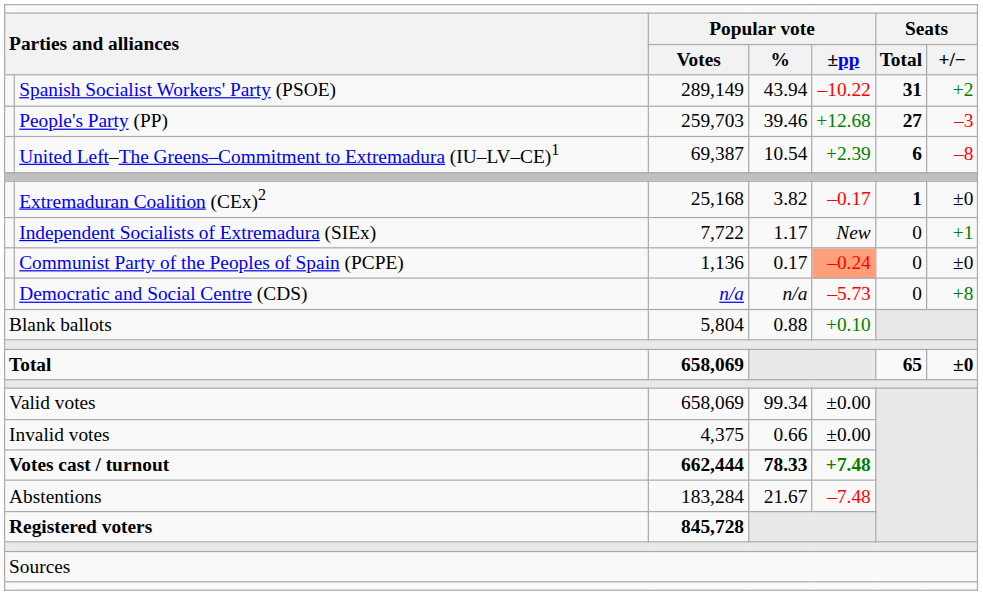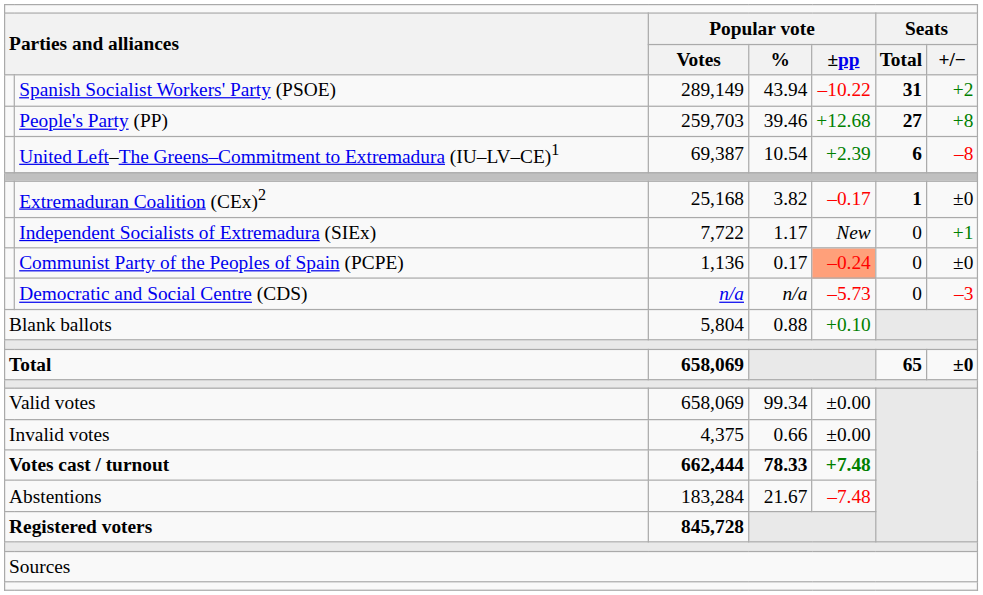 <table class="wikitable" style="text-align:right;">
 <tr>
 <td colspan="7"></td>
 </tr>
 <tr>
 <th style="text-align:left;" rowspan="2" colspan="2" width="525">Parties and alliances</th>
 <th colspan="3">Popular vote</th>
 <th colspan="2">Seats</th>
 </tr>
 <tr>
 <th width="75">Votes</th>
 <th width="45">%</th>
 <th width="45">±<a href='#'>pp</a></th>
 <th width="35">Total</th>
 <th width="35">+/−</th>
 </tr>
 <tr>
 <td width="1" style="color:inherit;background:"></td>
 <td align="left"><a href='#'>Spanish Socialist Workers' Party</a> (PSOE)</td>
 <td>289,149</td>
 <td>43.94</td>
 <td style="color:red;">–10.22</td>
 <td><strong>31</strong></td>
 <td style="color:green;">+2</td>
 </tr>
 <tr>
 <td style="color:inherit;background:"></td>
 <td align="left"><a href='#'>People's Party</a> (PP)</td>
 <td>259,703</td>
 <td>39.46</td>
 <td style="color:green;">+12.68</td>
 <td><strong>27</strong></td>
-<td style="color:red;">–3</td>
+<td style="color:green;">+8</td>
 </tr>
 <tr>
 <td style="color:inherit;background:"></td>
 <td align="left"><a href='#'>United Left</a>–<a href='#'>The Greens–Commitment to Extremadura</a> (IU–LV–CE)<sup>1</sup></td>
 <td>69,387</td>
 <td>10.54</td>
 <td style="color:green;">+2.39</td>
 <td><strong>6</strong></td>
 <td style="color:red;">–8</td>
 </tr>
 <tr>
 <td colspan="7" bgcolor="#C0C0C0"></td>
 </tr>
 <tr>
 <td style="color:inherit;background:"></td>
 <td align="left"><a href='#'>Extremaduran Coalition</a> (CEx)<sup>2</sup></td>
 <td>25,168</td>
 <td>3.82</td>
 <td style="color:red;">–0.17</td>
 <td><strong>1</strong></td>
 <td>±0</td>
 </tr>
 <tr>
 <td style="color:inherit;background:"></td>
 <td align="left"><a href='#'>Independent Socialists of Extremadura</a> (SIEx)</td>
 <td>7,722</td>
 <td>1.17</td>
 <td><em>New</em></td>
 <td>0</td>
 <td style="color:green;">+1</td>
 </tr>
 <tr>
 <td style="color:inherit;background:"></td>
 <td align="left"><a href='#'>Communist Party of the Peoples of Spain</a> (PCPE)</td>
 <td>1,136</td>
 <td>0.17</td>
 <td style="background: lightsalmon; color:red;">–0.24</td>
 <td>0</td>
 <td>±0</td>
 </tr>
 <tr>
 <td style="color:inherit;background:"></td>
 <td align="left"><a href='#'>Democratic and Social Centre</a> (CDS)</td>
 <td><em><a href='#'>n/a</a></em></td>
 <td><em>n/a</em></td>
 <td style="color:red;">–5.73</td>
 <td>0</td>
-<td style="color:green;">+8</td>
+<td style="color:red;">–3</td>
 </tr>
 <tr>
 <td align="left" colspan="2">Blank ballots</td>
 <td>5,804</td>
 <td>0.88</td>
 <td style="color:green;">+0.10</td>
 <td bgcolor="#E9E9E9" colspan="2"></td>
 </tr>
 <tr>
 <td colspan="7" bgcolor="#E9E9E9"></td>
 </tr>
 <tr style="font-weight:bold;">
 <td align="left" colspan="2">Total</td>
 <td>658,069</td>
 <td bgcolor="#E9E9E9" colspan="2"></td>
 <td>65</td>
 <td>±0</td>
 </tr>
 <tr>
 <td colspan="7" bgcolor="#E9E9E9"></td>
 </tr>
 <tr>
 <td align="left" colspan="2">Valid votes</td>
 <td>658,069</td>
 <td>99.34</td>
 <td>±0.00</td>
 <td bgcolor="#E9E9E9" colspan="2" rowspan="5"></td>
 </tr>
 <tr>
 <td align="left" colspan="2">Invalid votes</td>
 <td>4,375</td>
 <td>0.66</td>
 <td>±0.00</td>
 </tr>
 <tr style="font-weight:bold;">
 <td align="left" colspan="2">Votes cast / turnout</td>
 <td>662,444</td>
 <td>78.33</td>
 <td style="color:green;">+7.48</td>
 </tr>
 <tr>
 <td align="left" colspan="2">Abstentions</td>
 <td>183,284</td>
 <td>21.67</td>
 <td style="color:red;">–7.48</td>
 </tr>
 <tr style="font-weight:bold;">
 <td align="left" colspan="2">Registered voters</td>
 <td>845,728</td>
 <td bgcolor="#E9E9E9" colspan="2"></td>
 </tr>
 <tr>
 <td colspan="7" bgcolor="#E9E9E9"></td>
 </tr>
 <tr>
 <td align="left" colspan="7">Sources</td>
 </tr>
 <tr>
 <td colspan="7" style="text-align:left; max-width:790px;"></td>
 </tr>
 </table>
